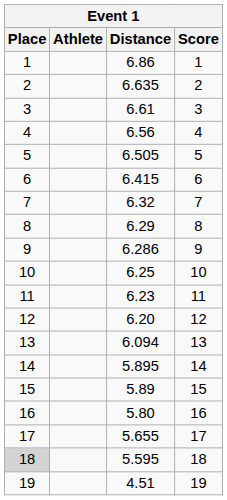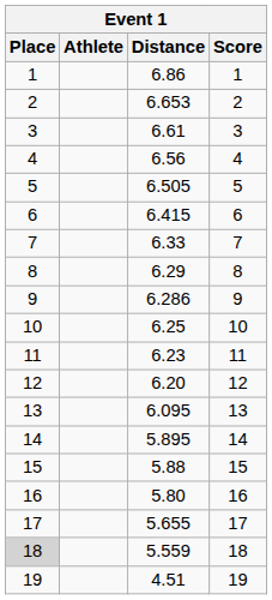 <table class=wikitable style="text-align:center">
 <tr>
 <th colspan=4>Event 1</th>
 </tr>
 <tr>
 <th>Place</th>
 <th>Athlete</th>
 <th>Distance</th>
 <th>Score</th>
 </tr>
 <tr>
 <td>1</td>
 <td align=left></td>
 <td>6.86</td>
 <td>1</td>
 </tr>
 <tr>
 <td>2</td>
 <td align=left></td>
-<td>6.635</td>
+<td>6.653</td>
 <td>2</td>
 </tr>
 <tr>
 <td>3</td>
 <td align=left></td>
 <td>6.61</td>
 <td>3</td>
 </tr>
 <tr>
 <td>4</td>
 <td align=left></td>
 <td>6.56</td>
 <td>4</td>
 </tr>
 <tr>
 <td>5</td>
 <td align=left></td>
 <td>6.505</td>
 <td>5</td>
 </tr>
 <tr>
 <td>6</td>
 <td align=left></td>
 <td>6.415</td>
 <td>6</td>
 </tr>
 <tr>
 <td>7</td>
 <td align=left></td>
-<td>6.32</td>
+<td>6.33</td>
 <td>7</td>
 </tr>
 <tr>
 <td>8</td>
 <td align=left></td>
 <td>6.29</td>
 <td>8</td>
 </tr>
 <tr>
 <td>9</td>
 <td align=left></td>
 <td>6.286</td>
 <td>9</td>
 </tr>
 <tr>
 <td>10</td>
 <td align=left></td>
 <td>6.25</td>
 <td>10</td>
 </tr>
 <tr>
 <td>11</td>
 <td align=left></td>
 <td>6.23</td>
 <td>11</td>
 </tr>
 <tr>
 <td>12</td>
 <td align=left></td>
 <td>6.20</td>
 <td>12</td>
 </tr>
 <tr>
 <td>13</td>
 <td align=left></td>
-<td>6.094</td>
+<td>6.095</td>
 <td>13</td>
 </tr>
 <tr>
 <td>14</td>
 <td align=left></td>
 <td>5.895</td>
 <td>14</td>
 </tr>
 <tr>
 <td>15</td>
 <td align=left></td>
-<td>5.89</td>
+<td>5.88</td>
 <td>15</td>
 </tr>
 <tr>
 <td>16</td>
 <td align=left></td>
 <td>5.80</td>
 <td>16</td>
 </tr>
 <tr>
 <td>17</td>
 <td align=left></td>
 <td>5.655</td>
 <td>17</td>
 </tr>
 <tr>
 <td style="background: lightgrey;">18</td>
 <td align=left></td>
-<td>5.595</td>
+<td>5.559</td>
 <td>18</td>
 </tr>
 <tr>
 <td>19</td>
 <td align=left></td>
 <td>4.51</td>
 <td>19</td>
 </tr>
 </table>
